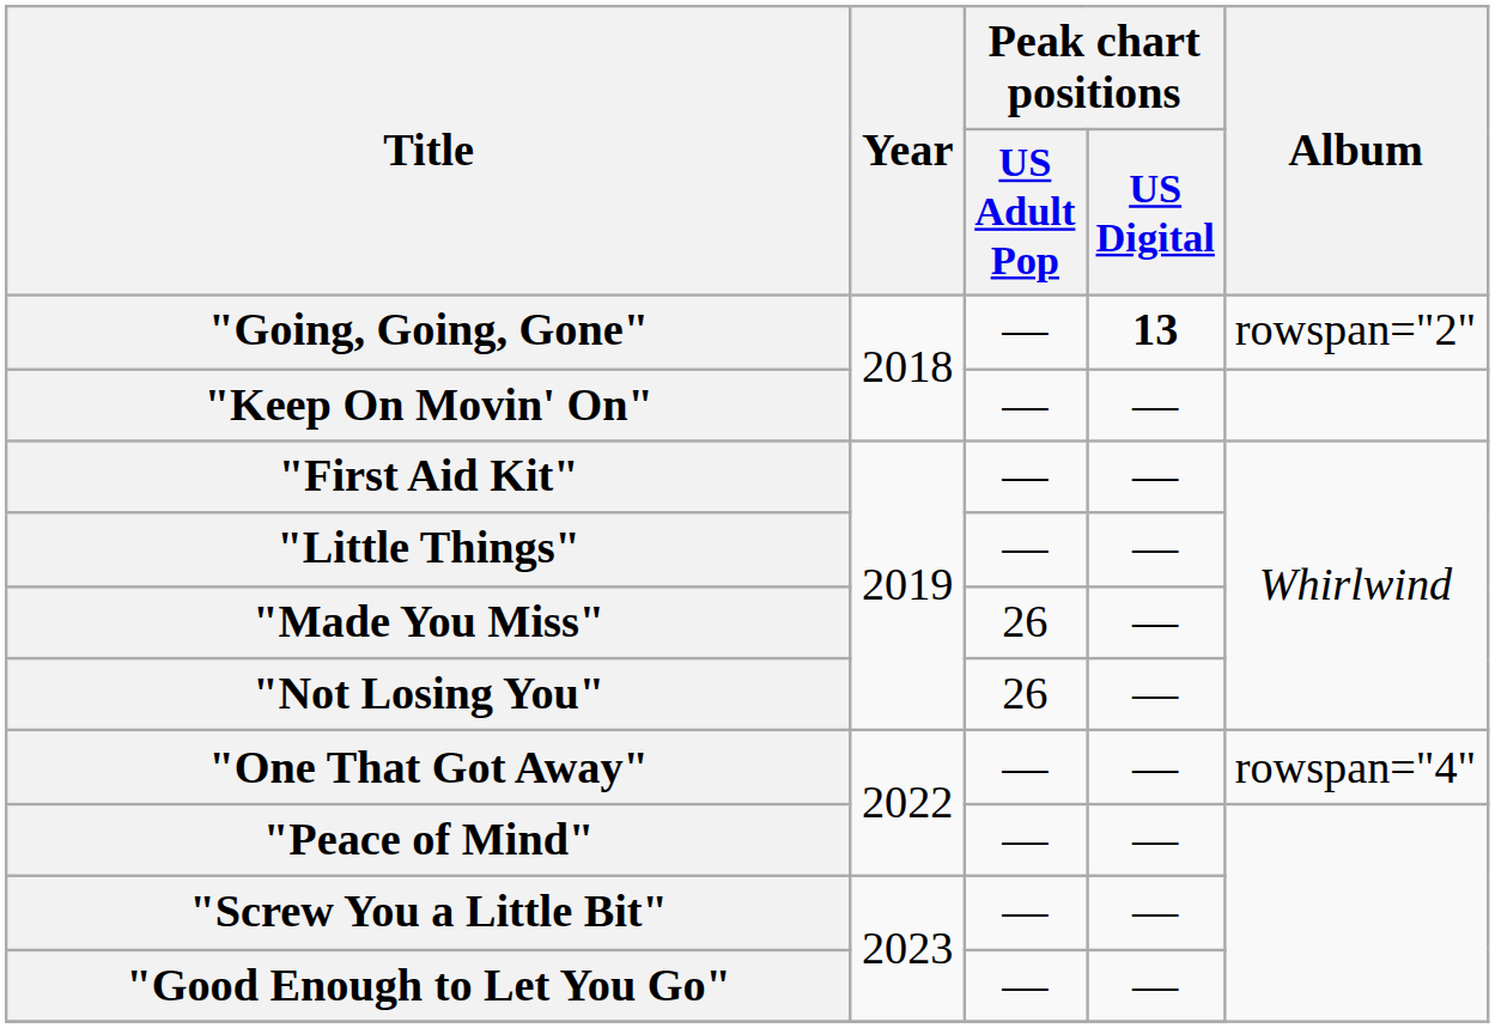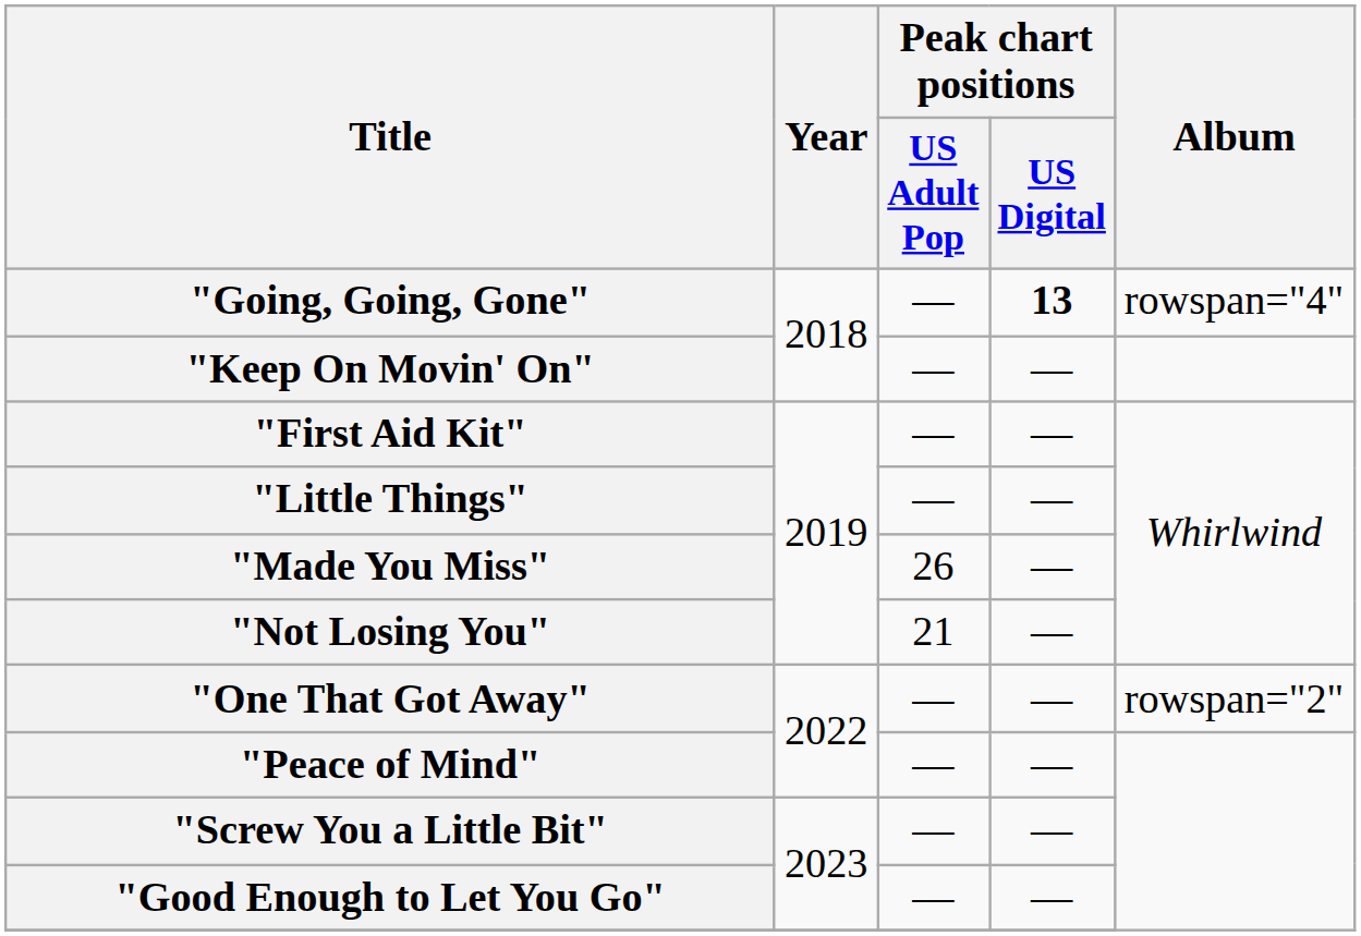 <table class="wikitable plainrowheaders" style="text-align:center;">
 <tr>
 <th scope="col" rowspan="2" style="width:18em;">Title</th>
 <th scope="col" rowspan="2" style="width:1em;">Year</th>
 <th scope="col" colspan="2">Peak chart positions</th>
 <th scope="col" rowspan="2">Album</th>
 </tr>
 <tr>
 <th scope="col" style="width:2.5em;font-size:90%;"><a href='#'>US<br> Adult Pop</a><br></th>
 <th scope="col" style="width:2.5em;font-size:90%;"><a href='#'>US<br>Digital</a><br></th>
 </tr>
 <tr>
 <th scope="row">"Going, Going, Gone"<br></th>
 <td rowspan="2">2018</td>
 <td>—</td>
 <td><strong>13</strong></td>
-<td>rowspan="2" </td>
+<td>rowspan="4" </td>
 </tr>
 <tr>
 <th scope="row">"Keep On Movin' On"</th>
 <td>—</td>
 <td>—</td>
 </tr>
 <tr>
 <th Scope="row">"First Aid Kit"</th>
 <td rowspan="4">2019</td>
 <td>—</td>
 <td>—</td>
 <td rowspan="4"><em>Whirlwind</em></td>
 </tr>
 <tr>
 <th Scope="row">"Little Things"</th>
 <td>—</td>
 <td>—</td>
 </tr>
 <tr>
 <th scope="row">"Made You Miss"</th>
 <td>26</td>
 <td>—</td>
 </tr>
 <tr>
 <th scope="row">"Not Losing You"</th>
-<td>26</td>
+<td>21</td>
 <td>—</td>
 </tr>
 <tr>
 <th scope="row">"One That Got Away"</th>
 <td rowspan="2">2022</td>
 <td>—</td>
 <td>—</td>
-<td>rowspan="4" </td>
+<td>rowspan="2" </td>
 </tr>
 <tr>
 <th scope="row">"Peace of Mind"</th>
 <td>—</td>
 <td>—</td>
 </tr>
 <tr>
 <th scope="row">"Screw You a Little Bit"</th>
 <td rowspan="2">2023</td>
 <td>—</td>
 <td>—</td>
 </tr>
 <tr>
 <th scope="row">"Good Enough to Let You Go"</th>
 <td>—</td>
 <td>—</td>
 </tr>
 <tr>
 </tr>
 </table>
